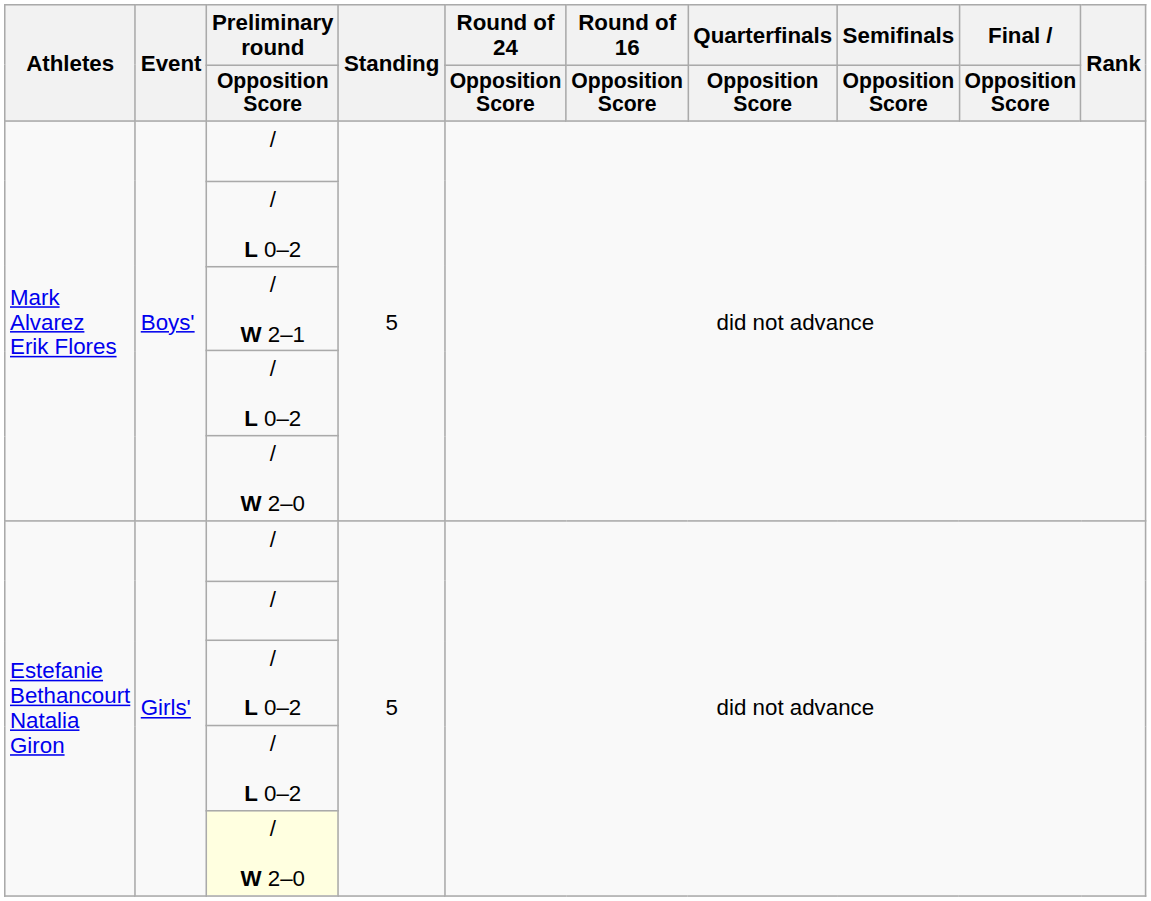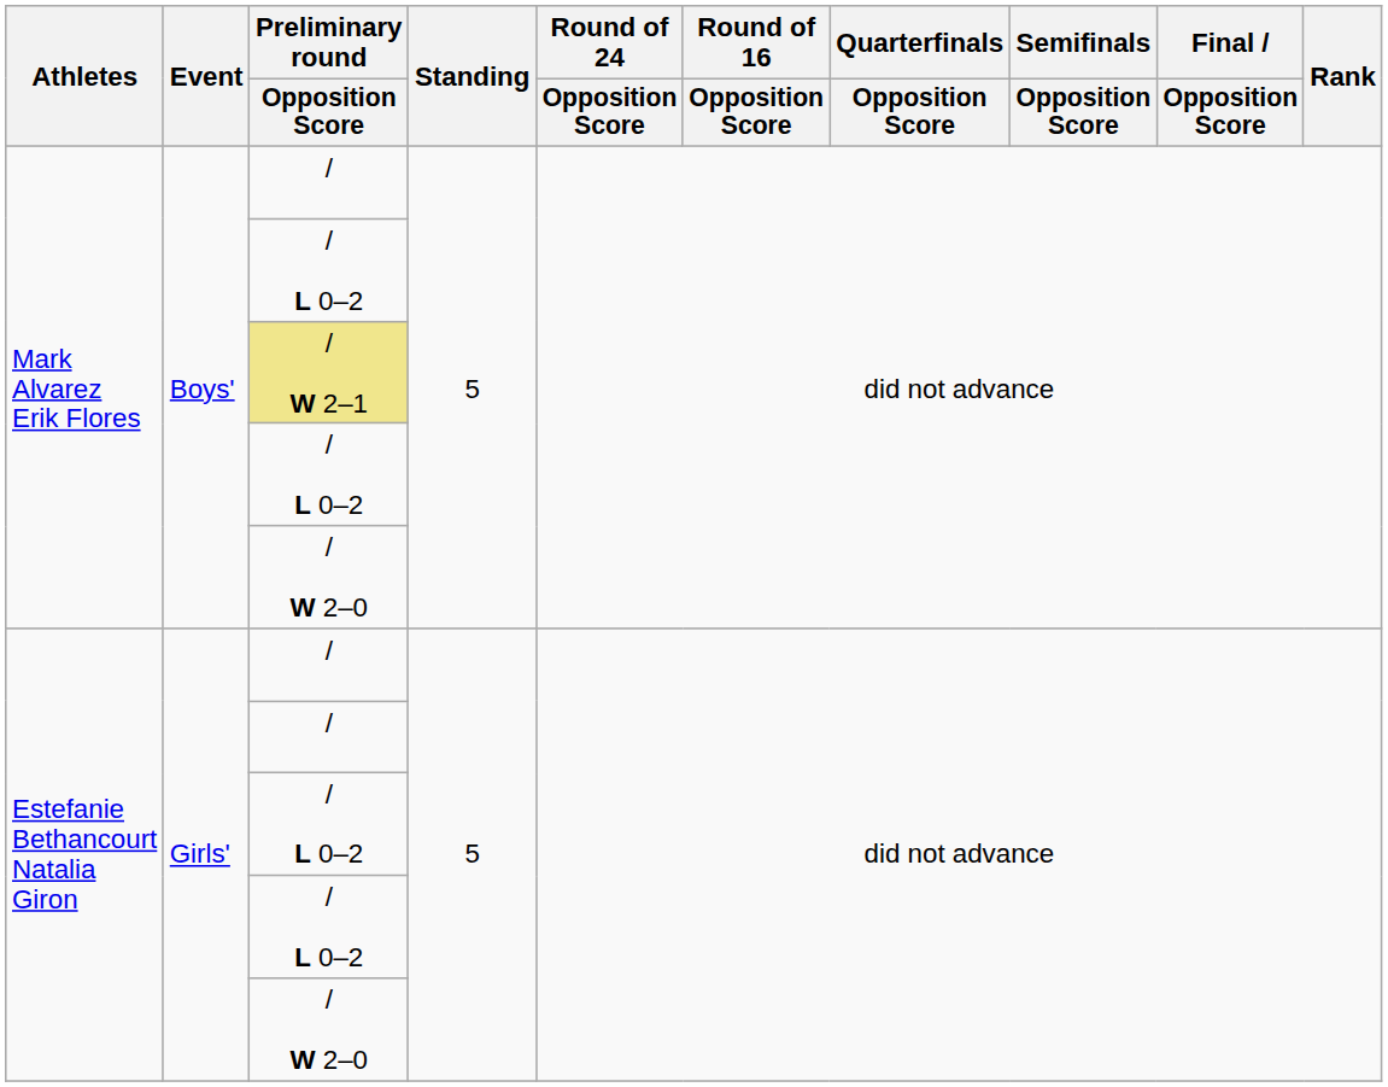 <table class=wikitable style="font-size:90%">
 <tr>
 <th rowspan="2">Athletes</th>
 <th rowspan="2">Event</th>
 <th>Preliminary round</th>
 <th rowspan="2">Standing</th>
 <th>Round of 24</th>
 <th>Round of 16</th>
 <th>Quarterfinals</th>
 <th>Semifinals</th>
 <th>Final / </th>
 <th rowspan=2>Rank</th>
 </tr>
 <tr style="font-size:95%">
 <th>Opposition<br>Score</th>
 <th>Opposition<br>Score</th>
 <th>Opposition<br>Score</th>
 <th>Opposition<br>Score</th>
 <th>Opposition<br>Score</th>
 <th>Opposition<br>Score</th>
 </tr>
 <tr align=center>
 <td align=left rowspan=5><a href='#'>Mark Alvarez</a><br><a href='#'>Erik Flores</a></td>
 <td align=left rowspan=5><a href='#'>Boys'</a></td>
 <td>/<br><br></td>
 <td rowspan=5>5</td>
 <td rowspan=5 colspan=6>did not advance</td>
 </tr>
 <tr align=center>
 <td>/<br><br><strong>L</strong> 0–2</td>
 </tr>
 <tr align=center>
-<td>/<br><br><strong>W</strong> 2–1</td>
+<td style="background: khaki;">/<br><br><strong>W</strong> 2–1</td>
 </tr>
 <tr align=center>
 <td>/<br><br><strong>L</strong> 0–2</td>
 </tr>
 <tr align=center>
 <td>/<br><br><strong>W</strong> 2–0</td>
 </tr>
 <tr align=center>
 <td align=left rowspan=5><a href='#'>Estefanie Bethancourt</a><br><a href='#'>Natalia Giron</a></td>
 <td align=left rowspan=5><a href='#'>Girls'</a></td>
 <td>/<br><br></td>
 <td rowspan=5>5</td>
 <td rowspan=5 colspan=6>did not advance</td>
 </tr>
 <tr align=center>
 <td>/<br><br></td>
 </tr>
 <tr align=center>
 <td>/<br><br><strong>L</strong> 0–2</td>
 </tr>
 <tr align=center>
 <td>/<br><br><strong>L</strong> 0–2</td>
 </tr>
 <tr align=center>
-<td style="background: lightyellow;">/<br><br><strong>W</strong> 2–0</td>
+<td>/<br><br><strong>W</strong> 2–0</td>
 </tr>
 </table>
